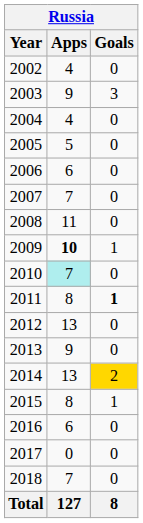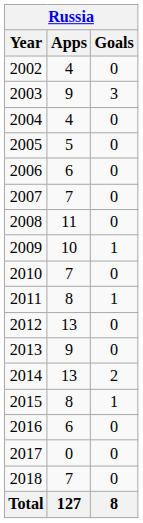 <table class="wikitable" style="text-align:center">
 <tr>
 <th colspan=3><a href='#'>Russia</a></th>
 </tr>
 <tr>
 <th>Year</th>
 <th>Apps</th>
 <th>Goals</th>
 </tr>
 <tr>
 <td>2002</td>
 <td>4</td>
 <td>0</td>
 </tr>
 <tr>
 <td>2003</td>
 <td>9</td>
 <td>3</td>
 </tr>
 <tr>
 <td>2004</td>
 <td>4</td>
 <td>0</td>
 </tr>
 <tr>
 <td>2005</td>
 <td>5</td>
 <td>0</td>
 </tr>
 <tr>
 <td>2006</td>
 <td>6</td>
 <td>0</td>
 </tr>
 <tr>
 <td>2007</td>
 <td>7</td>
 <td>0</td>
 </tr>
 <tr>
 <td>2008</td>
 <td>11</td>
 <td>0</td>
 </tr>
 <tr>
 <td>2009</td>
-<td><strong>10</strong></td>
+<td>10</td>
 <td>1</td>
 </tr>
 <tr>
 <td>2010</td>
-<td style="background: paleturquoise;">7</td>
+<td>7</td>
 <td>0</td>
 </tr>
 <tr>
 <td>2011</td>
 <td>8</td>
-<td><strong>1</strong></td>
+<td>1</td>
 </tr>
 <tr>
 <td>2012</td>
 <td>13</td>
 <td>0</td>
 </tr>
 <tr>
 <td>2013</td>
 <td>9</td>
 <td>0</td>
 </tr>
 <tr>
 <td>2014</td>
 <td>13</td>
-<td style="background: gold;">2</td>
+<td>2</td>
 </tr>
 <tr>
 <td>2015</td>
 <td>8</td>
 <td>1</td>
 </tr>
 <tr>
 <td>2016</td>
 <td>6</td>
 <td>0</td>
 </tr>
 <tr>
 <td>2017</td>
 <td>0</td>
 <td>0</td>
 </tr>
 <tr>
 <td>2018</td>
 <td>7</td>
 <td>0</td>
 </tr>
 <tr>
 <th>Total</th>
 <th>127</th>
 <th>8</th>
 </tr>
 </table>
